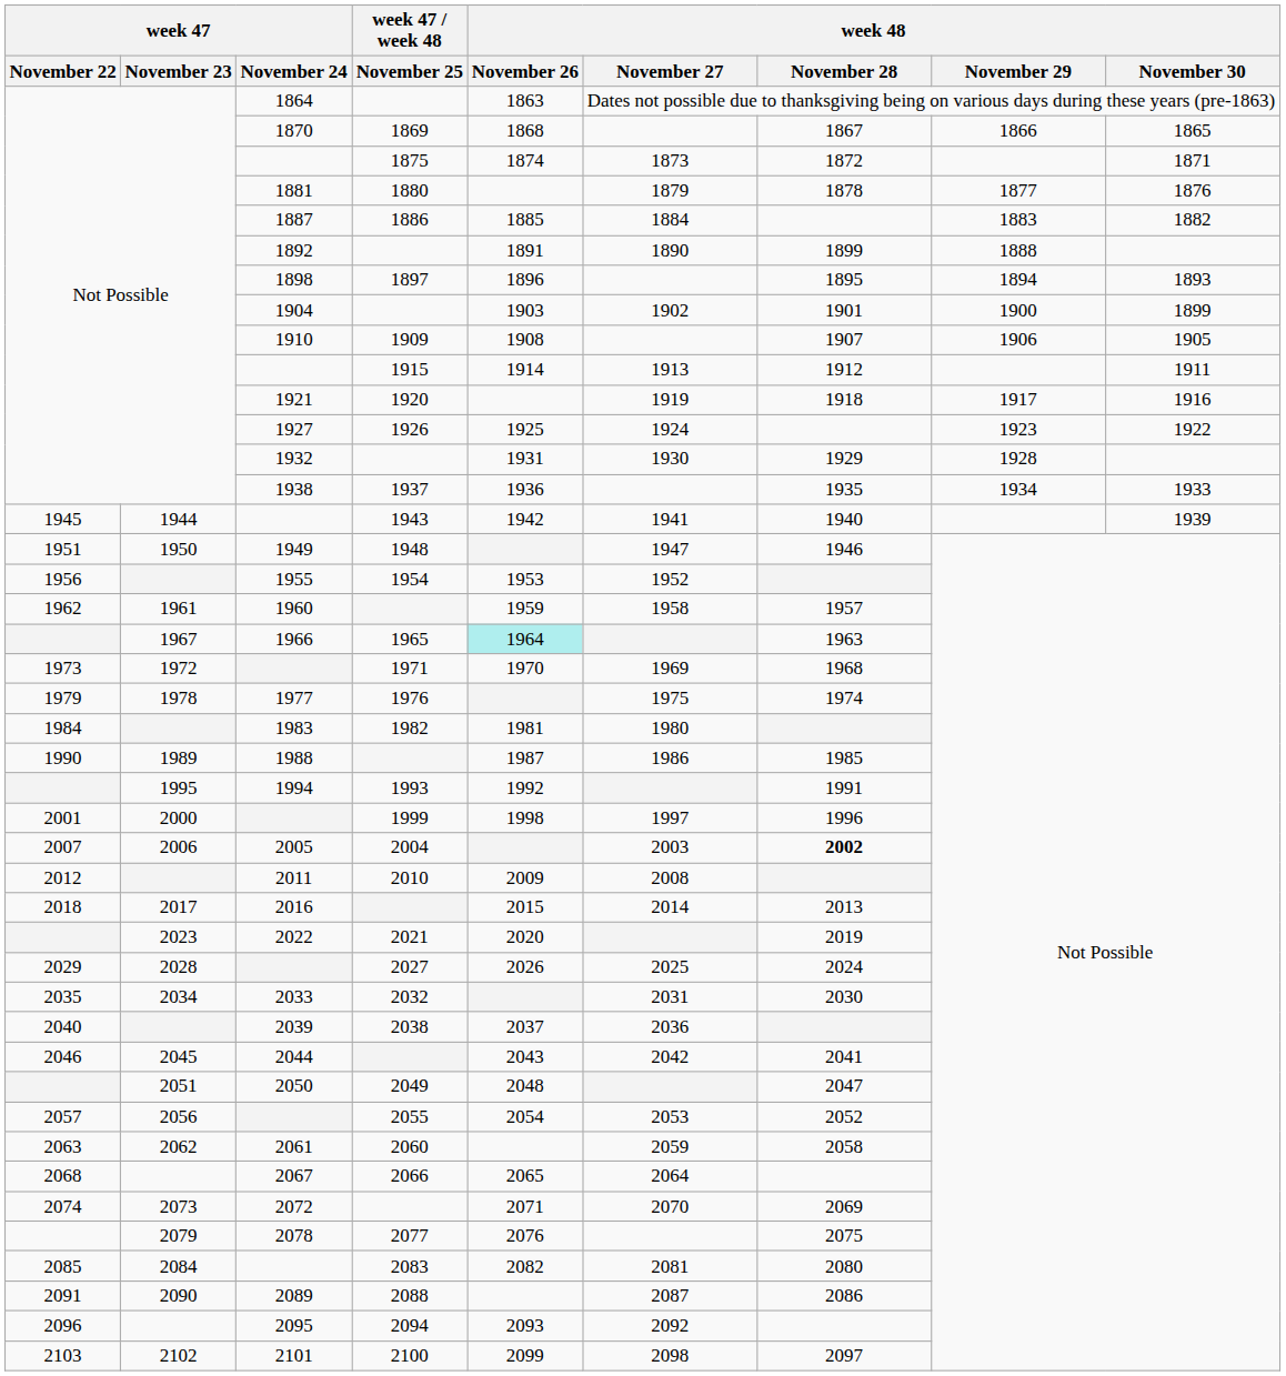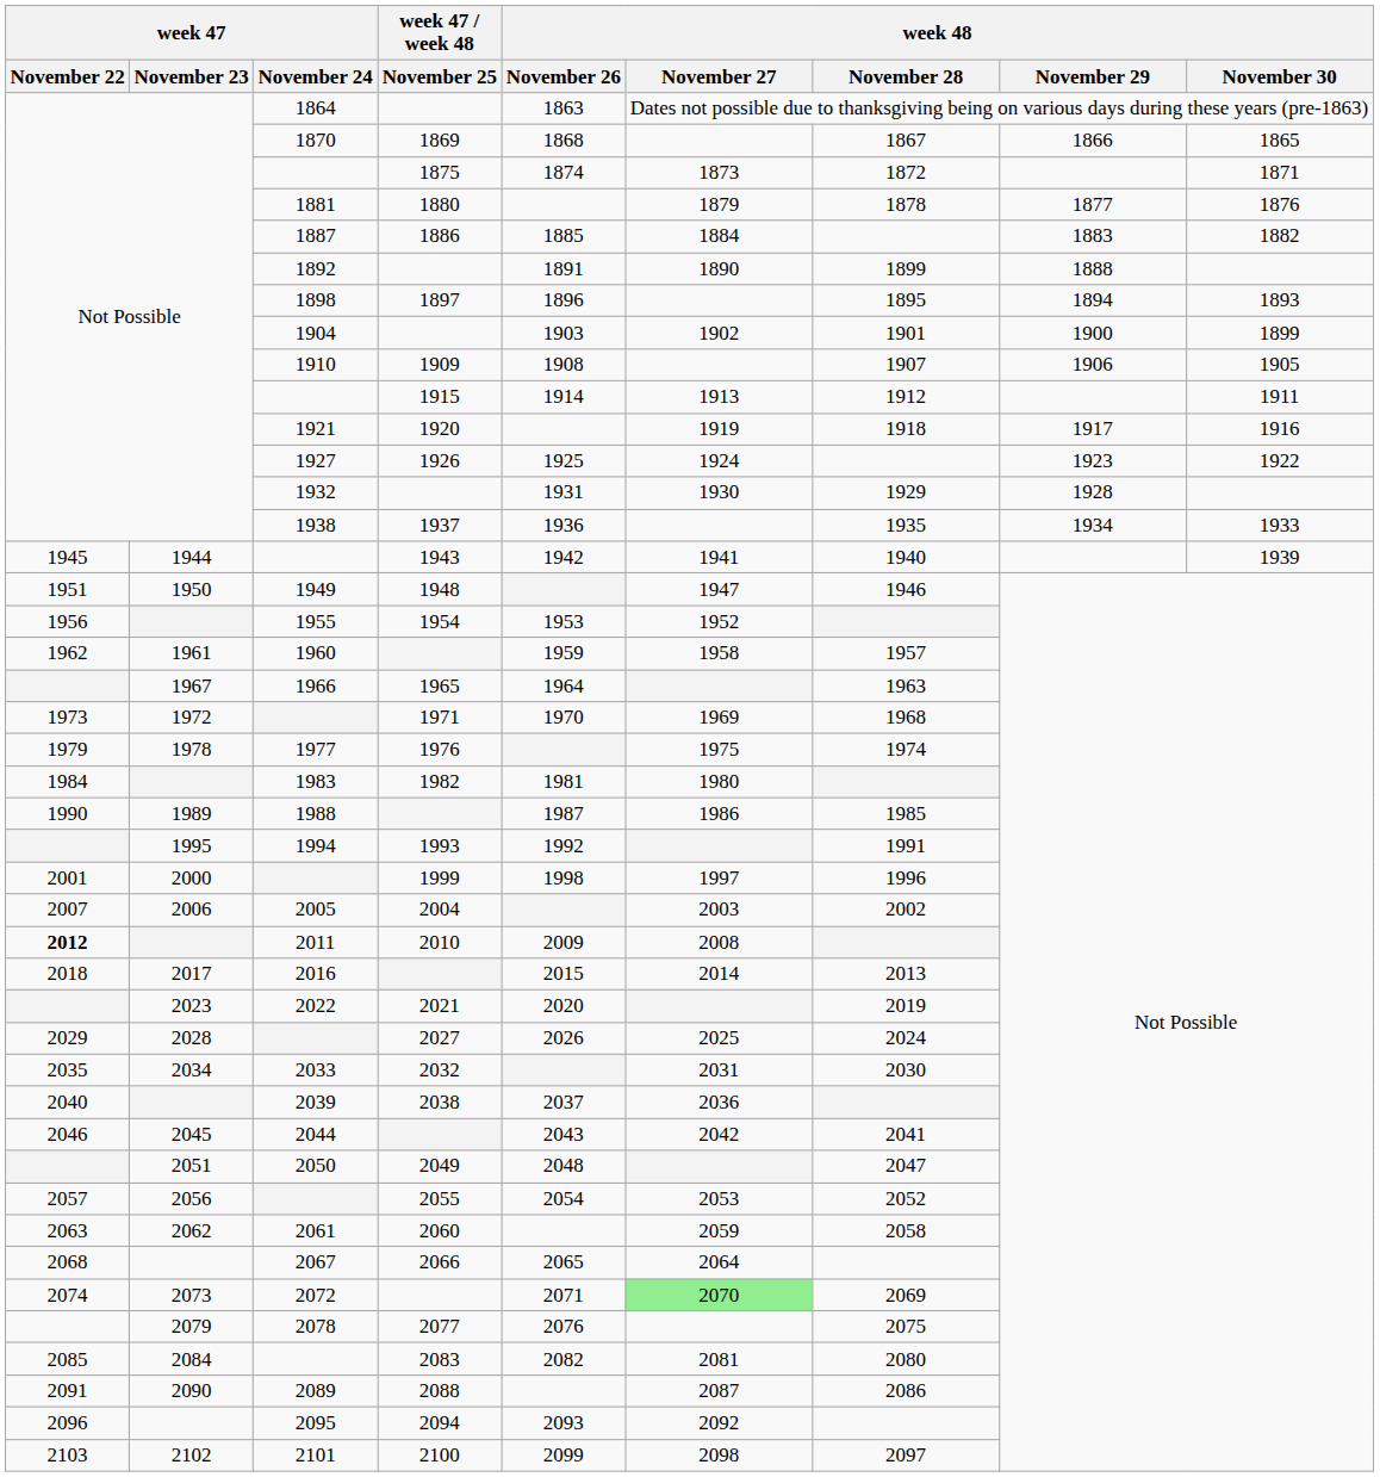 <table class="wikitable" style="text-align:center;">
 <tr>
 <th colspan=3>week 47</th>
 <th>week 47 /<br>week 48</th>
 <th colspan="5">week 48</th>
 </tr>
 <tr>
 <th>November 22</th>
 <th>November 23</th>
 <th>November 24</th>
 <th>November 25</th>
 <th>November 26</th>
 <th>November 27</th>
 <th>November 28</th>
 <th>November 29</th>
 <th>November 30</th>
 </tr>
 <tr>
 <td colspan="2" rowspan="14">Not Possible</td>
 <td>1864</td>
 <td></td>
 <td>1863</td>
 <td colspan="4">Dates not possible due to thanksgiving being on various days during these years (pre-1863)</td>
 </tr>
 <tr>
 <td>1870</td>
 <td>1869</td>
 <td>1868</td>
 <td></td>
 <td>1867</td>
 <td>1866</td>
 <td>1865</td>
 </tr>
 <tr>
 <td></td>
 <td>1875</td>
 <td>1874</td>
 <td>1873</td>
 <td>1872</td>
 <td></td>
 <td>1871</td>
 </tr>
 <tr>
 <td>1881</td>
 <td>1880</td>
 <td></td>
 <td>1879</td>
 <td>1878</td>
 <td>1877</td>
 <td>1876</td>
 </tr>
 <tr>
 <td>1887</td>
 <td>1886</td>
 <td>1885</td>
 <td>1884</td>
 <td></td>
 <td>1883</td>
 <td>1882</td>
 </tr>
 <tr>
 <td>1892</td>
 <td></td>
 <td>1891</td>
 <td>1890</td>
 <td>1899</td>
 <td>1888</td>
 <td></td>
 </tr>
 <tr>
 <td>1898</td>
 <td>1897</td>
 <td>1896</td>
 <td></td>
 <td>1895</td>
 <td>1894</td>
 <td>1893</td>
 </tr>
 <tr>
 <td>1904</td>
 <td></td>
 <td>1903</td>
 <td>1902</td>
 <td>1901</td>
 <td>1900</td>
 <td>1899</td>
 </tr>
 <tr>
 <td>1910</td>
 <td>1909</td>
 <td>1908</td>
 <td></td>
 <td>1907</td>
 <td>1906</td>
 <td>1905</td>
 </tr>
 <tr>
 <td></td>
 <td>1915</td>
 <td>1914</td>
 <td>1913</td>
 <td>1912</td>
 <td></td>
 <td>1911</td>
 </tr>
 <tr>
 <td>1921</td>
 <td>1920</td>
 <td></td>
 <td>1919</td>
 <td>1918</td>
 <td>1917</td>
 <td>1916</td>
 </tr>
 <tr>
 <td>1927</td>
 <td>1926</td>
 <td>1925</td>
 <td>1924</td>
 <td></td>
 <td>1923</td>
 <td>1922</td>
 </tr>
 <tr>
 <td>1932</td>
 <td></td>
 <td>1931</td>
 <td>1930</td>
 <td>1929</td>
 <td>1928</td>
 <td></td>
 </tr>
 <tr>
 <td>1938</td>
 <td>1937</td>
 <td>1936</td>
 <td></td>
 <td>1935</td>
 <td>1934</td>
 <td>1933</td>
 </tr>
 <tr>
 <td>1945</td>
 <td>1944</td>
 <td></td>
 <td>1943</td>
 <td>1942</td>
 <td>1941</td>
 <td>1940</td>
 <td></td>
 <td>1939</td>
 </tr>
 <tr>
 <td>1951</td>
 <td>1950</td>
 <td>1949</td>
 <td>1948</td>
 <td style="background:#F3F3F3;"></td>
 <td>1947</td>
 <td>1946</td>
 <td colspan="2" rowspan="28">Not Possible</td>
 </tr>
 <tr>
 <td>1956</td>
 <td style="background:#F3F3F3;"></td>
 <td>1955</td>
 <td>1954</td>
 <td>1953</td>
 <td>1952</td>
 <td style="background:#F3F3F3;"></td>
 </tr>
 <tr>
 <td>1962</td>
 <td>1961</td>
 <td>1960</td>
 <td style="background:#F5F5F5;"></td>
 <td>1959</td>
 <td>1958</td>
 <td>1957</td>
 </tr>
 <tr>
 <td style="background:#F3F3F3;"></td>
 <td>1967</td>
 <td>1966</td>
 <td>1965</td>
-<td style="background: paleturquoise;">1964</td>
+<td>1964</td>
 <td style="background:#F3F3F3;"></td>
 <td>1963</td>
 </tr>
 <tr>
 <td>1973</td>
 <td>1972</td>
 <td style="background:#F3F3F3;"></td>
 <td>1971</td>
 <td>1970</td>
 <td>1969</td>
 <td>1968</td>
 </tr>
 <tr>
 <td>1979</td>
 <td>1978</td>
 <td>1977</td>
 <td>1976</td>
 <td style="background:#F3F3F3;"></td>
 <td>1975</td>
 <td>1974</td>
 </tr>
 <tr>
 <td>1984</td>
 <td style="background:#F3F3F3;"></td>
 <td>1983</td>
 <td>1982</td>
 <td>1981</td>
 <td>1980</td>
 <td style="background:#F3F3F3;"></td>
 </tr>
 <tr>
 <td>1990</td>
 <td>1989</td>
 <td>1988</td>
 <td style="background:#F5F5F5;"></td>
 <td>1987</td>
 <td>1986</td>
 <td>1985</td>
 </tr>
 <tr>
 <td style="background:#F3F3F3;"></td>
 <td>1995</td>
 <td>1994</td>
 <td>1993</td>
 <td>1992</td>
 <td style="background:#F3F3F3;"></td>
 <td>1991</td>
 </tr>
 <tr>
 <td>2001</td>
 <td>2000</td>
 <td style="background:#F3F3F3;"></td>
 <td>1999</td>
 <td>1998</td>
 <td>1997</td>
 <td>1996</td>
 </tr>
 <tr>
 <td>2007</td>
 <td>2006</td>
 <td>2005</td>
 <td>2004</td>
 <td style="background:#F3F3F3;"></td>
 <td>2003</td>
-<td><strong>2002</strong></td>
+<td>2002</td>
 </tr>
 <tr>
-<td>2012</td>
+<td><strong>2012</strong></td>
 <td style="background:#F3F3F3;"></td>
 <td>2011</td>
 <td>2010</td>
 <td>2009</td>
 <td>2008</td>
 <td style="background:#F3F3F3;"></td>
 </tr>
 <tr>
 <td>2018</td>
 <td>2017</td>
 <td>2016</td>
 <td style="background:#F3F3F3;"></td>
 <td>2015</td>
 <td>2014</td>
 <td>2013</td>
 </tr>
 <tr>
 <td style="background:#F3F3F3;"></td>
 <td>2023</td>
 <td>2022</td>
 <td>2021</td>
 <td>2020</td>
 <td style="background:#F3F3F3;"></td>
 <td>2019</td>
 </tr>
 <tr>
 <td>2029</td>
 <td>2028</td>
 <td style="background:#F3F3F3;"></td>
 <td>2027</td>
 <td>2026</td>
 <td>2025</td>
 <td>2024</td>
 </tr>
 <tr>
 <td>2035</td>
 <td>2034</td>
 <td>2033</td>
 <td>2032</td>
 <td style="background:#F3F3F3;"></td>
 <td>2031</td>
 <td>2030</td>
 </tr>
 <tr>
 <td>2040</td>
 <td style="background:#F3F3F3;"></td>
 <td>2039</td>
 <td>2038</td>
 <td>2037</td>
 <td>2036</td>
 <td style="background:#F3F3F3;"></td>
 </tr>
 <tr>
 <td>2046</td>
 <td>2045</td>
 <td>2044</td>
 <td style="background:#F3F3F3;"></td>
 <td>2043</td>
 <td>2042</td>
 <td>2041</td>
 </tr>
 <tr>
 <td style="background:#F3F3F3;"></td>
 <td>2051</td>
 <td>2050</td>
 <td>2049</td>
 <td>2048</td>
 <td style="background:#F3F3F3;"></td>
 <td>2047</td>
 </tr>
 <tr>
 <td>2057</td>
 <td>2056</td>
 <td style="background:#F3F3F3;"></td>
 <td>2055</td>
 <td>2054</td>
 <td>2053</td>
 <td>2052</td>
 </tr>
 <tr>
 <td>2063</td>
 <td>2062</td>
 <td>2061</td>
 <td>2060</td>
 <td></td>
 <td>2059</td>
 <td>2058</td>
 </tr>
 <tr>
 <td>2068</td>
 <td></td>
 <td>2067</td>
 <td>2066</td>
 <td>2065</td>
 <td>2064</td>
 <td></td>
 </tr>
 <tr>
 <td>2074</td>
 <td>2073</td>
 <td>2072</td>
 <td></td>
 <td>2071</td>
-<td>2070</td>
+<td style="background: lightgreen;">2070</td>
 <td>2069</td>
 </tr>
 <tr>
 <td></td>
 <td>2079</td>
 <td>2078</td>
 <td>2077</td>
 <td>2076</td>
 <td></td>
 <td>2075</td>
 </tr>
 <tr>
 <td>2085</td>
 <td>2084</td>
 <td></td>
 <td>2083</td>
 <td>2082</td>
 <td>2081</td>
 <td>2080</td>
 </tr>
 <tr>
 <td>2091</td>
 <td>2090</td>
 <td>2089</td>
 <td>2088</td>
 <td></td>
 <td>2087</td>
 <td>2086</td>
 </tr>
 <tr>
 <td>2096</td>
 <td></td>
 <td>2095</td>
 <td>2094</td>
 <td>2093</td>
 <td>2092</td>
 <td></td>
 </tr>
 <tr>
 <td>2103</td>
 <td>2102</td>
 <td>2101</td>
 <td>2100</td>
 <td>2099</td>
 <td>2098</td>
 <td>2097</td>
 </tr>
 </table>
